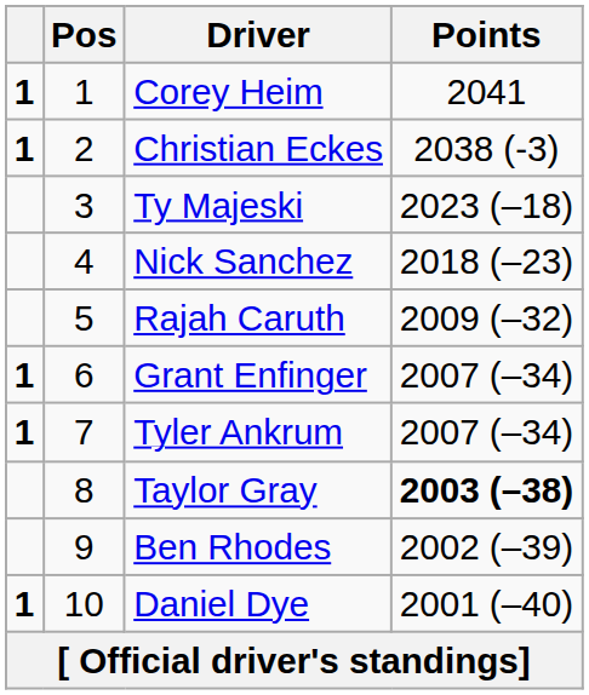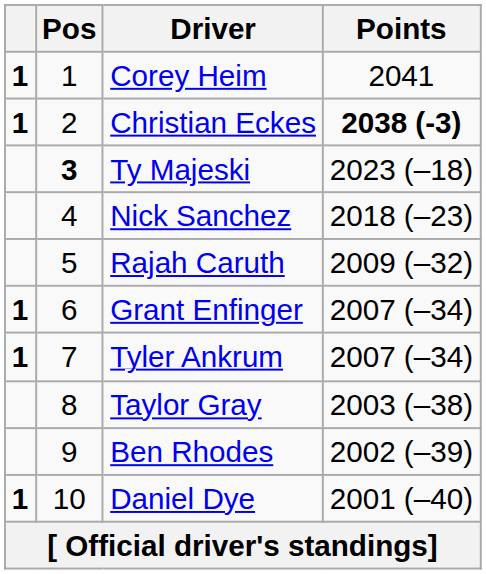 <table class="wikitable" style="font-size: 95%;">
 <tr>
 <th></th>
 <th>Pos</th>
 <th>Driver</th>
 <th>Points</th>
 </tr>
 <tr>
 <td align="left"> <strong>1</strong></td>
 <td style="text-align:center;">1</td>
 <td><a href='#'>Corey Heim</a></td>
 <td style="text-align:center;">2041</td>
 </tr>
 <tr>
 <td align="left"> <strong>1</strong></td>
 <td style="text-align:center;">2</td>
 <td><a href='#'>Christian Eckes</a></td>
-<td style="text-align:center;">2038 (-3)</td>
+<td style="text-align:center;"><strong>2038 (-3)</strong></td>
 </tr>
 <tr>
 <td align="left"></td>
-<td style="text-align:center;">3</td>
+<td style="text-align:center;"><strong>3</strong></td>
 <td><a href='#'>Ty Majeski</a></td>
 <td style="text-align:center;">2023 (–18)</td>
 </tr>
 <tr>
 <td align="left"></td>
 <td style="text-align:center;">4</td>
 <td><a href='#'>Nick Sanchez</a></td>
 <td style="text-align:center;">2018 (–23)</td>
 </tr>
 <tr>
 <td align="left"></td>
 <td style="text-align:center;">5</td>
 <td><a href='#'>Rajah Caruth</a></td>
 <td style="text-align:center;">2009 (–32)</td>
 </tr>
 <tr>
 <td align="left"> <strong>1</strong></td>
 <td style="text-align:center;">6</td>
 <td><a href='#'>Grant Enfinger</a></td>
 <td style="text-align:center;">2007 (–34)</td>
 </tr>
 <tr>
 <td align="left"> <strong>1</strong></td>
 <td style="text-align:center;">7</td>
 <td><a href='#'>Tyler Ankrum</a></td>
 <td style="text-align:center;">2007 (–34)</td>
 </tr>
 <tr>
 <td align="left"></td>
 <td style="text-align:center;">8</td>
 <td><a href='#'>Taylor Gray</a></td>
-<td style="text-align:center;"><strong>2003 (–38)</strong></td>
+<td style="text-align:center;">2003 (–38)</td>
 </tr>
 <tr>
 <td align="left"></td>
 <td style="text-align:center;">9</td>
 <td><a href='#'>Ben Rhodes</a></td>
 <td style="text-align:center;">2002 (–39)</td>
 </tr>
 <tr>
 <td align="left"> <strong>1</strong></td>
 <td style="text-align:center;">10</td>
 <td><a href='#'>Daniel Dye</a></td>
 <td style="text-align:center;">2001 (–40)</td>
 </tr>
 <tr class="sortbottom">
 <th colspan="9">[ Official driver's standings]</th>
 </tr>
 </table>
